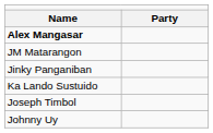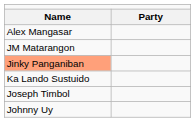 <table class=wikitable style="font-size:90%">
 <tr>
 <td colspan=4 bgcolor=></td>
 </tr>
 <tr>
 <th width=150px>Name</th>
 <th colspan=2 width=110px>Party</th>
 </tr>
 <tr>
-<td><strong>Alex Mangasar</strong></td>
+<td>Alex Mangasar</td>
 <td></td>
 </tr>
 <tr>
 <td>JM Matarangon</td>
 <td></td>
 </tr>
 <tr>
-<td>Jinky Panganiban</td>
+<td style="background: lightsalmon;">Jinky Panganiban</td>
 <td></td>
 </tr>
 <tr>
 <td>Ka Lando Sustuido</td>
 <td></td>
 </tr>
 <tr>
 <td>Joseph Timbol</td>
 <td></td>
 </tr>
 <tr>
 <td>Johnny Uy</td>
 <td></td>
 </tr>
 </table>
